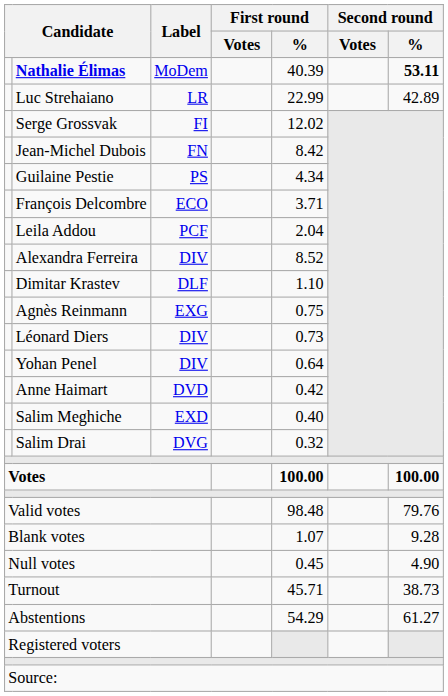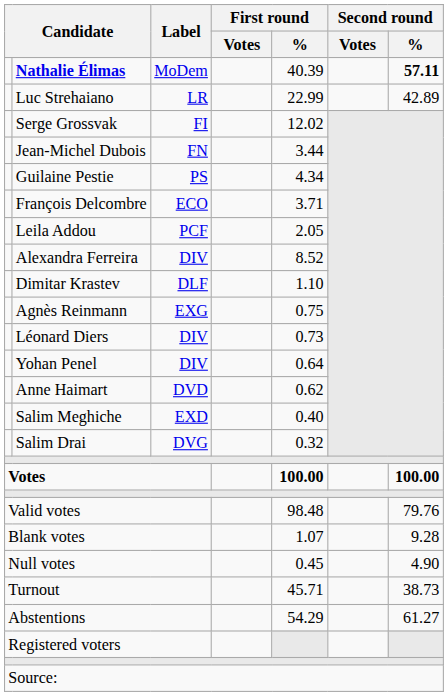 <table class="wikitable" style="text-align:right;font-size:95%;">
 <tr>
 <th rowspan="2" colspan="2">Candidate</th>
 <th rowspan="2">Label</th>
 <th colspan="2">First round</th>
 <th colspan="2">Second round</th>
 </tr>
 <tr>
 <th style="width:50px;">Votes</th>
 <th style="width:45px;">%</th>
 <th style="width:50px;">Votes</th>
 <th style="width:45px;">%</th>
 </tr>
 <tr>
 <td style="color:inherit;background:"></td>
 <td style="text-align:left;"><strong><a href='#'>Nathalie Élimas</a></strong></td>
 <td><a href='#'>MoDem</a></td>
 <td></td>
 <td>40.39</td>
 <td><strong></strong></td>
-<td><strong>53.11</strong></td>
+<td><strong>57.11</strong></td>
 </tr>
 <tr>
 <td style="color:inherit;background:"></td>
 <td style="text-align:left;">Luc Strehaiano</td>
 <td><a href='#'>LR</a></td>
 <td></td>
 <td>22.99</td>
 <td></td>
 <td>42.89</td>
 </tr>
 <tr>
 <td style="color:inherit;background:"></td>
 <td style="text-align:left;">Serge Grossvak</td>
 <td><a href='#'>FI</a></td>
 <td></td>
 <td>12.02</td>
 <td colspan="2" rowspan="13" style="background:#E9E9E9;"></td>
 </tr>
 <tr>
 <td style="color:inherit;background:"></td>
 <td style="text-align:left;">Jean-Michel Dubois</td>
 <td><a href='#'>FN</a></td>
 <td></td>
-<td>8.42</td>
+<td>3.44</td>
 </tr>
 <tr>
 <td style="color:inherit;background:"></td>
 <td style="text-align:left;">Guilaine Pestie</td>
 <td><a href='#'>PS</a></td>
 <td></td>
 <td>4.34</td>
 </tr>
 <tr>
 <td style="color:inherit;background:"></td>
 <td style="text-align:left;">François Delcombre</td>
 <td><a href='#'>ECO</a></td>
 <td></td>
 <td>3.71</td>
 </tr>
 <tr>
 <td style="color:inherit;background:"></td>
 <td style="text-align:left;">Leila Addou</td>
 <td><a href='#'>PCF</a></td>
 <td></td>
-<td>2.04</td>
+<td>2.05</td>
 </tr>
 <tr>
 <td style="color:inherit;background:"></td>
 <td style="text-align:left;">Alexandra Ferreira</td>
 <td><a href='#'>DIV</a></td>
 <td></td>
 <td>8.52</td>
 </tr>
 <tr>
 <td style="color:inherit;background:"></td>
 <td style="text-align:left;">Dimitar Krastev</td>
 <td><a href='#'>DLF</a></td>
 <td></td>
 <td>1.10</td>
 </tr>
 <tr>
 <td style="color:inherit;background:"></td>
 <td style="text-align:left;">Agnès Reinmann</td>
 <td><a href='#'>EXG</a></td>
 <td></td>
 <td>0.75</td>
 </tr>
 <tr>
 <td style="color:inherit;background:"></td>
 <td style="text-align:left;">Léonard Diers</td>
 <td><a href='#'>DIV</a></td>
 <td></td>
 <td>0.73</td>
 </tr>
 <tr>
 <td style="color:inherit;background:"></td>
 <td style="text-align:left;">Yohan Penel</td>
 <td><a href='#'>DIV</a></td>
 <td></td>
 <td>0.64</td>
 </tr>
 <tr>
 <td style="color:inherit;background:"></td>
 <td style="text-align:left;">Anne Haimart</td>
 <td><a href='#'>DVD</a></td>
 <td></td>
-<td>0.42</td>
+<td>0.62</td>
 </tr>
 <tr>
 <td style="color:inherit;background:"></td>
 <td style="text-align:left;">Salim Meghiche</td>
 <td><a href='#'>EXD</a></td>
 <td></td>
 <td>0.40</td>
 </tr>
 <tr>
 <td style="color:inherit;background:"></td>
 <td style="text-align:left;">Salim Drai</td>
 <td><a href='#'>DVG</a></td>
 <td></td>
 <td>0.32</td>
 </tr>
 <tr>
 <td colspan="7" style="background:#E9E9E9;"></td>
 </tr>
 <tr style="font-weight:bold;">
 <td colspan="3" style="text-align:left;">Votes</td>
 <td></td>
 <td>100.00</td>
 <td></td>
 <td>100.00</td>
 </tr>
 <tr>
 <td colspan="7" style="background:#E9E9E9;"></td>
 </tr>
 <tr>
 <td colspan="3" style="text-align:left;">Valid votes</td>
 <td></td>
 <td>98.48</td>
 <td></td>
 <td>79.76</td>
 </tr>
 <tr>
 <td colspan="3" style="text-align:left;">Blank votes</td>
 <td></td>
 <td>1.07</td>
 <td></td>
 <td>9.28</td>
 </tr>
 <tr>
 <td colspan="3" style="text-align:left;">Null votes</td>
 <td></td>
 <td>0.45</td>
 <td></td>
 <td>4.90</td>
 </tr>
 <tr>
 <td colspan="3" style="text-align:left;">Turnout</td>
 <td></td>
 <td>45.71</td>
 <td></td>
 <td>38.73</td>
 </tr>
 <tr>
 <td colspan="3" style="text-align:left;">Abstentions</td>
 <td></td>
 <td>54.29</td>
 <td></td>
 <td>61.27</td>
 </tr>
 <tr>
 <td colspan="3" style="text-align:left;">Registered voters</td>
 <td></td>
 <td style="color:inherit;background:#E9E9E9;"></td>
 <td></td>
 <td style="color:inherit;background:#E9E9E9;"></td>
 </tr>
 <tr>
 <td colspan="7" style="background:#E9E9E9;"></td>
 </tr>
 <tr>
 <td colspan="7" style="text-align:left;">Source: </td>
 </tr>
 </table>
